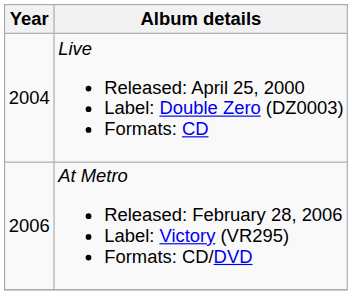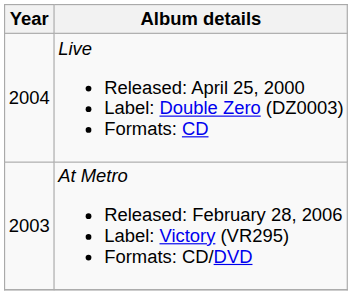 <table class ="wikitable">
 <tr>
 <th>Year</th>
 <th>Album details</th>
 </tr>
 <tr>
 <td>2004</td>
 <td><em>Live</em><br><ul><li>Released: April 25, 2000</li><li>Label: <a href='#'>Double Zero</a> (DZ0003)</li><li>Formats: <a href='#'>CD</a></li></ul></td>
 </tr>
 <tr>
-<td>2006</td>
+<td>2003</td>
 <td><em>At Metro</em><br><ul><li>Released: February 28, 2006</li><li>Label: <a href='#'>Victory</a> (VR295)</li><li>Formats: CD/<a href='#'>DVD</a></li></ul></td>
 </tr>
 <tr>
 </tr>
 </table>
